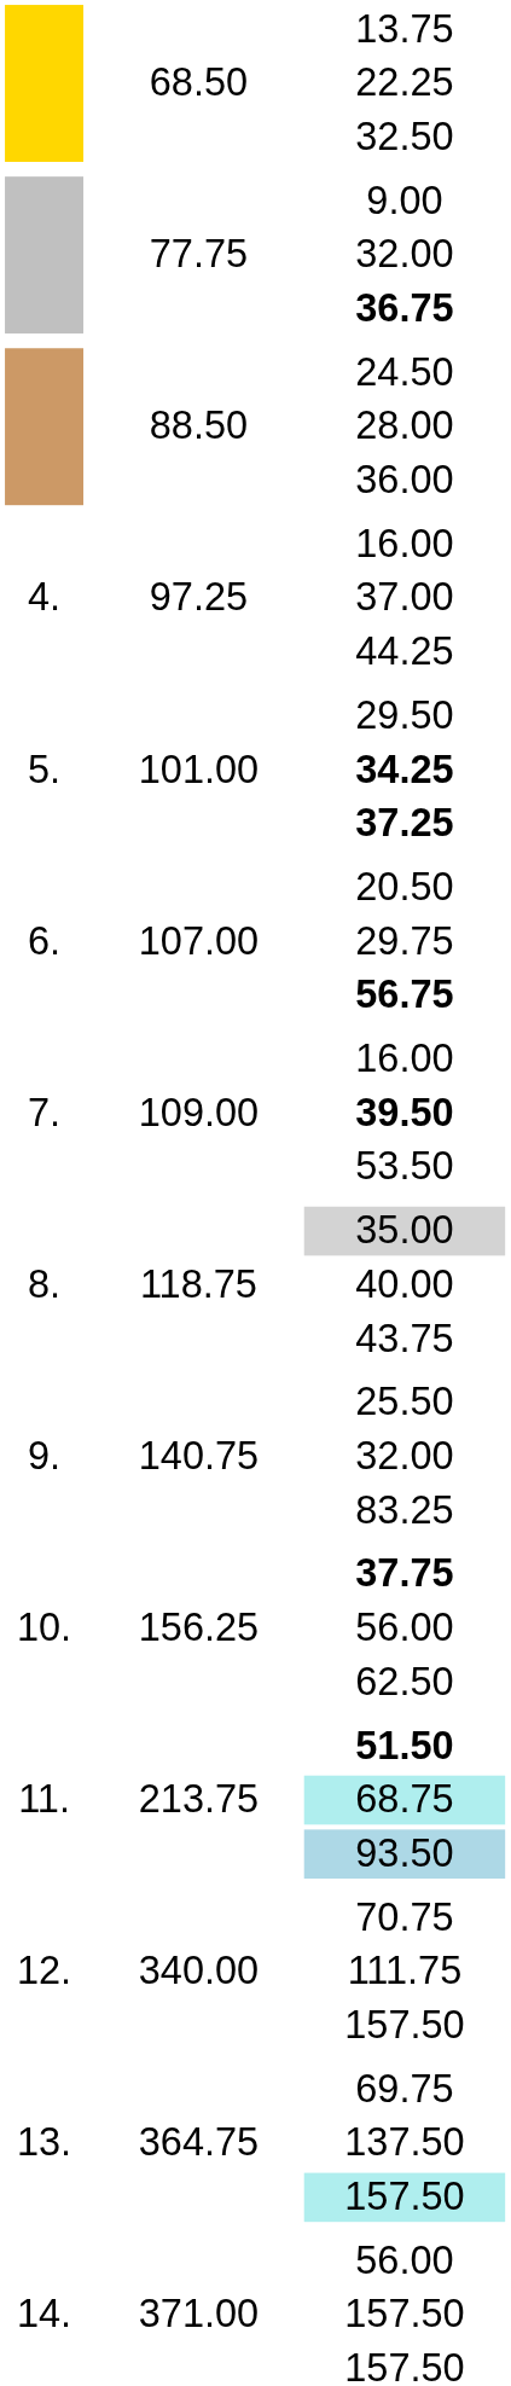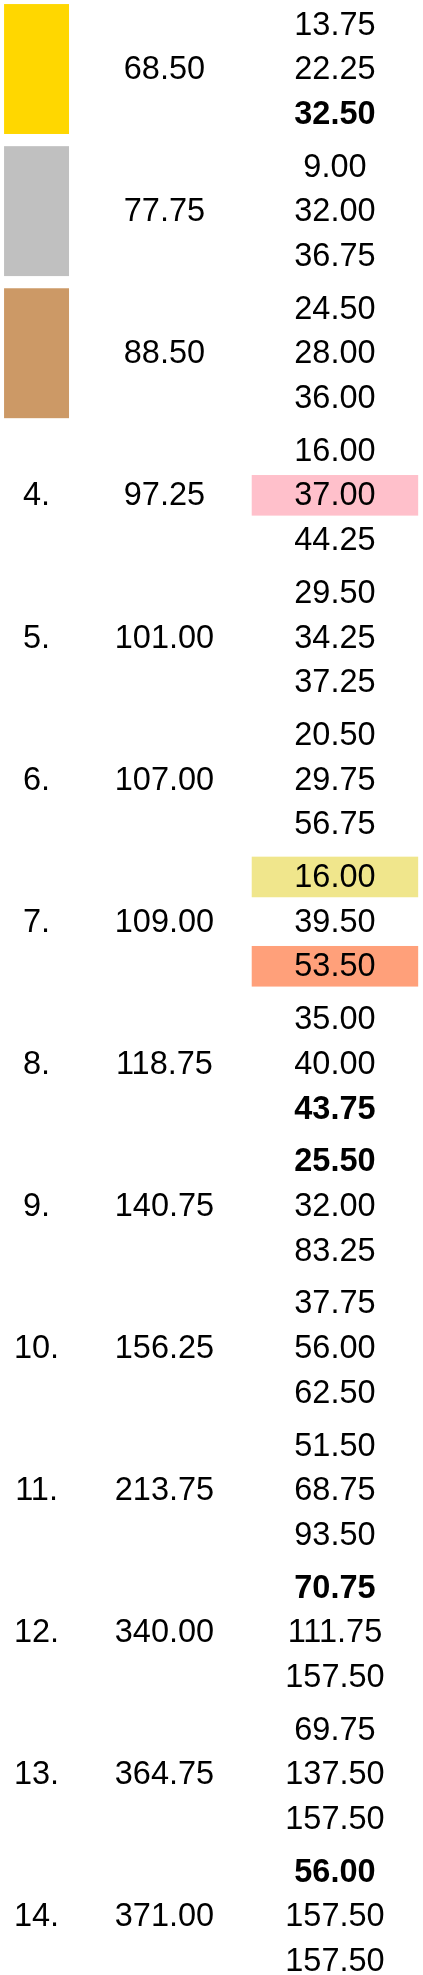 <table style="text-align:center">
 <tr>
 <td width=30 bgcolor=gold rowspan=3></td>
 <td align=left></td>
 <td rowspan=3 width=80>68.50</td>
 <td width=80>13.75</td>
 </tr>
 <tr>
 <td align=left></td>
 <td>22.25</td>
 </tr>
 <tr>
 <td align=left></td>
-<td>32.50</td>
+<td><strong>32.50</strong></td>
 </tr>
 <tr>
 <td colspan=4></td>
 </tr>
 <tr>
 <td bgcolor=silver rowspan=3></td>
 <td align=left></td>
 <td rowspan=3>77.75</td>
 <td>9.00</td>
 </tr>
 <tr>
 <td align=left></td>
 <td>32.00</td>
 </tr>
 <tr>
 <td align=left></td>
-<td><strong>36.75</strong></td>
+<td>36.75</td>
 </tr>
 <tr>
 <td colspan=4></td>
 </tr>
 <tr>
 <td bgcolor=cc9966 rowspan=3></td>
 <td align=left></td>
 <td rowspan=3>88.50</td>
 <td>24.50</td>
 </tr>
 <tr>
 <td align=left></td>
 <td>28.00</td>
 </tr>
 <tr>
 <td align=left></td>
 <td>36.00</td>
 </tr>
 <tr>
 <td colspan=4></td>
 </tr>
 <tr>
 <td rowspan=3>4.</td>
 <td align=left></td>
 <td rowspan=3>97.25</td>
 <td>16.00</td>
 </tr>
 <tr>
 <td align=left></td>
-<td>37.00</td>
+<td style="background: pink;">37.00</td>
 </tr>
 <tr>
 <td align=left></td>
 <td>44.25</td>
 </tr>
 <tr>
 <td colspan=4></td>
 </tr>
 <tr>
 <td rowspan=3>5.</td>
 <td align=left></td>
 <td rowspan=3>101.00</td>
 <td>29.50</td>
 </tr>
 <tr>
 <td align=left></td>
-<td><strong>34.25</strong></td>
+<td>34.25</td>
 </tr>
 <tr>
 <td align=left></td>
-<td><strong>37.25</strong></td>
+<td>37.25</td>
 </tr>
 <tr>
 <td colspan=4></td>
 </tr>
 <tr>
 <td rowspan=3>6.</td>
 <td align=left></td>
 <td rowspan=3>107.00</td>
 <td>20.50</td>
 </tr>
 <tr>
 <td align=left></td>
 <td>29.75</td>
 </tr>
 <tr>
 <td align=left></td>
-<td><strong>56.75</strong></td>
+<td>56.75</td>
 </tr>
 <tr>
 <td colspan=4></td>
 </tr>
 <tr>
 <td rowspan=3>7.</td>
 <td align=left></td>
 <td rowspan=3>109.00</td>
-<td>16.00</td>
+<td style="background: khaki;">16.00</td>
 </tr>
 <tr>
 <td align=left></td>
-<td><strong>39.50</strong></td>
+<td>39.50</td>
 </tr>
 <tr>
 <td align=left></td>
-<td>53.50</td>
+<td style="background: lightsalmon;">53.50</td>
 </tr>
 <tr>
 <td colspan=4></td>
 </tr>
 <tr>
 <td rowspan=3>8.</td>
 <td align=left></td>
 <td rowspan=3>118.75</td>
-<td style="background: lightgrey;">35.00</td>
+<td>35.00</td>
 </tr>
 <tr>
 <td align=left></td>
 <td>40.00</td>
 </tr>
 <tr>
 <td align=left></td>
-<td>43.75</td>
+<td><strong>43.75</strong></td>
 </tr>
 <tr>
 <td colspan=4></td>
 </tr>
 <tr>
 <td rowspan=3>9.</td>
 <td align=left></td>
 <td rowspan=3>140.75</td>
-<td>25.50</td>
+<td><strong>25.50</strong></td>
 </tr>
 <tr>
 <td align=left></td>
 <td>32.00</td>
 </tr>
 <tr>
 <td align=left></td>
 <td>83.25</td>
 </tr>
 <tr>
 <td colspan=4></td>
 </tr>
 <tr>
 <td rowspan=3>10.</td>
 <td align=left></td>
 <td rowspan=3>156.25</td>
-<td><strong>37.75</strong></td>
+<td>37.75</td>
 </tr>
 <tr>
 <td align=left></td>
 <td>56.00</td>
 </tr>
 <tr>
 <td align=left></td>
 <td>62.50</td>
 </tr>
 <tr>
 <td colspan=4></td>
 </tr>
 <tr>
 <td rowspan=3>11.</td>
 <td align=left></td>
 <td rowspan=3>213.75</td>
-<td><strong>51.50</strong></td>
+<td>51.50</td>
 </tr>
 <tr>
 <td align=left></td>
-<td style="background: paleturquoise;">68.75</td>
+<td>68.75</td>
 </tr>
 <tr>
 <td align=left></td>
-<td style="background: lightblue;">93.50</td>
+<td>93.50</td>
 </tr>
 <tr>
 <td colspan=4></td>
 </tr>
 <tr>
 <td rowspan=3>12.</td>
 <td align=left></td>
 <td rowspan=3>340.00</td>
-<td>70.75</td>
+<td><strong>70.75</strong></td>
 </tr>
 <tr>
 <td align=left></td>
 <td>111.75</td>
 </tr>
 <tr>
 <td align=left></td>
 <td>157.50</td>
 </tr>
 <tr>
 <td colspan=4></td>
 </tr>
 <tr>
 <td rowspan=3>13.</td>
 <td align=left></td>
 <td rowspan=3>364.75</td>
 <td>69.75</td>
 </tr>
 <tr>
 <td align=left></td>
 <td>137.50</td>
 </tr>
 <tr>
 <td align=left></td>
-<td style="background: paleturquoise;">157.50</td>
+<td>157.50</td>
 </tr>
 <tr>
 <td colspan=4></td>
 </tr>
 <tr>
 <td rowspan=3>14.</td>
 <td align=left></td>
 <td rowspan=3>371.00</td>
-<td>56.00</td>
+<td><strong>56.00</strong></td>
 </tr>
 <tr>
 <td align=left></td>
 <td>157.50</td>
 </tr>
 <tr>
 <td align=left></td>
 <td>157.50</td>
 </tr>
 </table>
